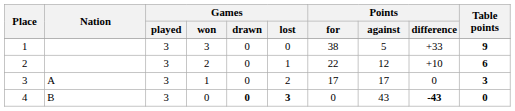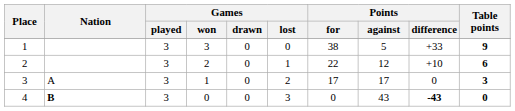 <table class="wikitable">
 <tr>
 <th rowspan=2 width="8%">Place</th>
 <th rowspan=2 width="20%">Nation</th>
 <th colspan=4 width="32%">Games</th>
 <th colspan=3 width="30%">Points</th>
 <th rowspan=2 width="10%">Table<br>points</th>
 </tr>
 <tr>
 <th width="8%">played</th>
 <th width="8%">won</th>
 <th width="8%">drawn</th>
 <th width="8%">lost</th>
 <th width="10%">for</th>
 <th width="10%">against</th>
 <th width="10%">difference</th>
 </tr>
 <tr>
 </tr>
 <tr bgcolor=#ffffff align=center>
 <td>1</td>
 <td align=left></td>
 <td>3</td>
 <td>3</td>
 <td>0</td>
 <td>0</td>
 <td>38</td>
 <td>5</td>
 <td>+33</td>
 <td><strong>9</strong></td>
 </tr>
 <tr bgcolor=#ffffff align=center>
 <td>2</td>
 <td align=left></td>
 <td>3</td>
 <td>2</td>
 <td>0</td>
 <td>1</td>
 <td>22</td>
 <td>12</td>
 <td>+10</td>
 <td><strong>6</strong></td>
 </tr>
 <tr bgcolor=#ffffff align=center>
 <td>3</td>
 <td align=left> A</td>
 <td>3</td>
 <td>1</td>
 <td>0</td>
 <td>2</td>
 <td>17</td>
 <td>17</td>
 <td>0</td>
 <td><strong>3</strong></td>
 </tr>
 <tr bgcolor=#ffffff align=center>
 <td>4</td>
-<td align=left> B</td>
+<td align=left><strong> B</strong></td>
 <td>3</td>
 <td>0</td>
-<td><strong>0</strong></td>
-<td><strong>3</strong></td>
+<td>0</td>
+<td>3</td>
 <td>0</td>
 <td>43</td>
 <td><strong>-43</strong></td>
 <td><strong>0</strong></td>
 </tr>
 </table>
